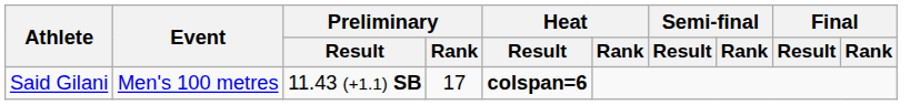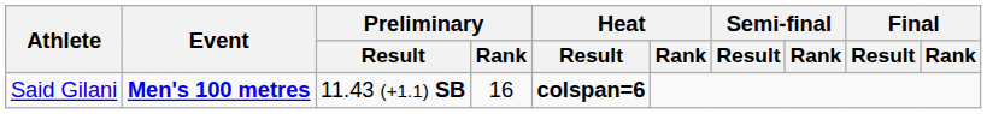 <table class=wikitable style=font-size:90%>
 <tr>
 <th rowspan=2>Athlete</th>
 <th rowspan=2>Event</th>
 <th colspan=2>Preliminary</th>
 <th colspan=2>Heat</th>
 <th colspan=2>Semi-final</th>
 <th colspan=2>Final</th>
 </tr>
 <tr style=font-size:95%>
 <th>Result</th>
 <th>Rank</th>
 <th>Result</th>
 <th>Rank</th>
 <th>Result</th>
 <th>Rank</th>
 <th>Result</th>
 <th>Rank</th>
 </tr>
 <tr align=center>
 <td align=left><a href='#'>Said Gilani</a></td>
-<td align=left><a href='#'>Men's 100 metres</a></td>
+<td align=left><strong><a href='#'>Men's 100 metres</a></strong></td>
 <td>11.43 <small>(+1.1)</small> <strong>SB</strong></td>
-<td>17</td>
+<td>16</td>
 <td><strong>colspan=6 </strong></td>
 </tr>
 </table>
